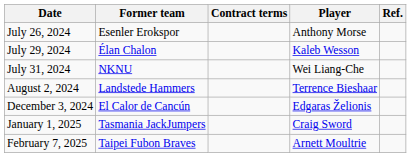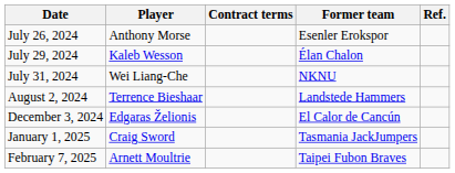 <table class="wikitable">
 <tr>
 <th>Date</th>
+<th>Player</th>
+<th>Contract terms</th>
 <th>Former team</th>
-<th>Contract terms</th>
-<th>Player</th>
 <th>Ref.</th>
 </tr>
 <tr>
 <td>July 26, 2024</td>
+<td>Anthony Morse</td>
+<td></td>
 <td> Esenler Erokspor</td>
-<td></td>
-<td>Anthony Morse</td>
 <td></td>
 </tr>
 <tr>
 <td>July 29, 2024</td>
+<td><a href='#'>Kaleb Wesson</a></td>
+<td></td>
 <td> <a href='#'>Élan Chalon</a></td>
-<td></td>
-<td><a href='#'>Kaleb Wesson</a></td>
 <td></td>
 </tr>
 <tr>
 <td>July 31, 2024</td>
+<td>Wei Liang-Che</td>
+<td></td>
 <td> <a href='#'>NKNU</a></td>
-<td></td>
-<td>Wei Liang-Che</td>
 <td></td>
 </tr>
 <tr>
 <td>August 2, 2024</td>
+<td><a href='#'>Terrence Bieshaar</a></td>
+<td></td>
 <td> <a href='#'>Landstede Hammers</a></td>
-<td></td>
-<td><a href='#'>Terrence Bieshaar</a></td>
 <td></td>
 </tr>
 <tr>
 <td>December 3, 2024</td>
+<td><a href='#'>Edgaras Želionis</a></td>
+<td></td>
 <td> <a href='#'>El Calor de Cancún</a></td>
-<td></td>
-<td><a href='#'>Edgaras Želionis</a></td>
 <td></td>
 </tr>
 <tr>
 <td>January 1, 2025</td>
+<td><a href='#'>Craig Sword</a></td>
+<td></td>
 <td> <a href='#'>Tasmania JackJumpers</a></td>
-<td></td>
-<td><a href='#'>Craig Sword</a></td>
 <td></td>
 </tr>
 <tr>
 <td>February 7, 2025</td>
+<td><a href='#'>Arnett Moultrie</a></td>
+<td></td>
 <td> <a href='#'>Taipei Fubon Braves</a></td>
-<td></td>
-<td><a href='#'>Arnett Moultrie</a></td>
 <td></td>
 </tr>
 </table>
